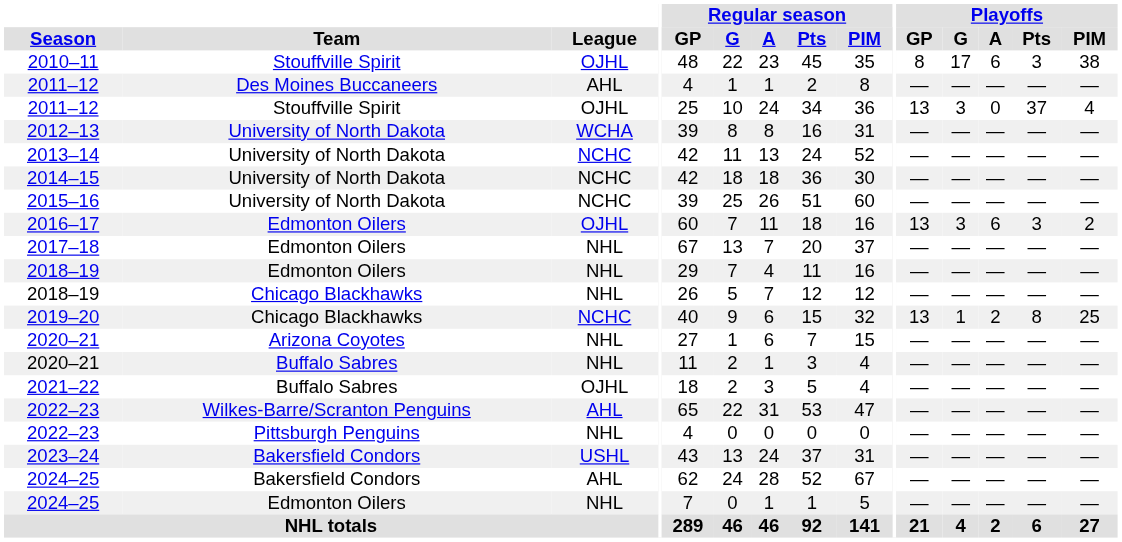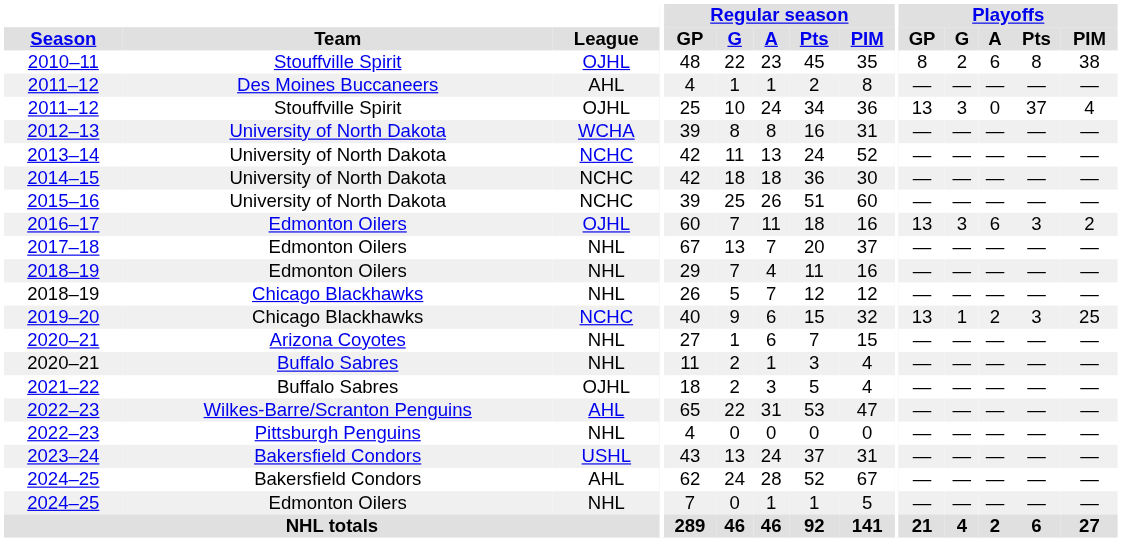 <table border="0" cellpadding="1" cellspacing="0" style="text-align:center; width:60em">
 <tr bgcolor="#e0e0e0">
 <th colspan="3" bgcolor="#ffffff"></th>
 <th rowspan="99" bgcolor="#ffffff"></th>
 <th colspan="5"><a href='#'>Regular season</a></th>
 <th rowspan="99" bgcolor="#ffffff"></th>
 <th colspan="5"><a href='#'>Playoffs</a></th>
 </tr>
 <tr bgcolor="#e0e0e0">
 <th><a href='#'>Season</a></th>
 <th>Team</th>
 <th>League</th>
 <th>GP</th>
 <th><a href='#'>G</a></th>
 <th><a href='#'>A</a></th>
 <th><a href='#'>Pts</a></th>
 <th><a href='#'>PIM</a></th>
 <th>GP</th>
 <th>G</th>
 <th>A</th>
 <th>Pts</th>
 <th>PIM</th>
 </tr>
 <tr>
 <td><a href='#'>2010–11</a></td>
 <td><a href='#'>Stouffville Spirit</a></td>
 <td><a href='#'>OJHL</a></td>
 <td>48</td>
 <td>22</td>
 <td>23</td>
 <td>45</td>
 <td>35</td>
 <td>8</td>
-<td>17</td>
+<td>2</td>
 <td>6</td>
-<td>3</td>
+<td>8</td>
 <td>38</td>
 </tr>
 <tr bgcolor="#f0f0f0">
 <td><a href='#'>2011–12</a></td>
 <td><a href='#'>Des Moines Buccaneers</a></td>
 <td>AHL</td>
 <td>4</td>
 <td>1</td>
 <td>1</td>
 <td>2</td>
 <td>8</td>
 <td>—</td>
 <td>—</td>
 <td>—</td>
 <td>—</td>
 <td>—</td>
 </tr>
 <tr>
 <td><a href='#'>2011–12</a></td>
 <td>Stouffville Spirit</td>
 <td>OJHL</td>
 <td>25</td>
 <td>10</td>
 <td>24</td>
 <td>34</td>
 <td>36</td>
 <td>13</td>
 <td>3</td>
 <td>0</td>
 <td>37</td>
 <td>4</td>
 </tr>
 <tr bgcolor="#f0f0f0">
 <td><a href='#'>2012–13</a></td>
 <td><a href='#'>University of North Dakota</a></td>
 <td><a href='#'>WCHA</a></td>
 <td>39</td>
 <td>8</td>
 <td>8</td>
 <td>16</td>
 <td>31</td>
 <td>—</td>
 <td>—</td>
 <td>—</td>
 <td>—</td>
 <td>—</td>
 </tr>
 <tr>
 <td><a href='#'>2013–14</a></td>
 <td>University of North Dakota</td>
 <td><a href='#'>NCHC</a></td>
 <td>42</td>
 <td>11</td>
 <td>13</td>
 <td>24</td>
 <td>52</td>
 <td>—</td>
 <td>—</td>
 <td>—</td>
 <td>—</td>
 <td>—</td>
 </tr>
 <tr bgcolor="#f0f0f0">
 <td><a href='#'>2014–15</a></td>
 <td>University of North Dakota</td>
 <td>NCHC</td>
 <td>42</td>
 <td>18</td>
 <td>18</td>
 <td>36</td>
 <td>30</td>
 <td>—</td>
 <td>—</td>
 <td>—</td>
 <td>—</td>
 <td>—</td>
 </tr>
 <tr>
 <td><a href='#'>2015–16</a></td>
 <td>University of  North Dakota</td>
 <td>NCHC</td>
 <td>39</td>
 <td>25</td>
 <td>26</td>
 <td>51</td>
 <td>60</td>
 <td>—</td>
 <td>—</td>
 <td>—</td>
 <td>—</td>
 <td>—</td>
 </tr>
 <tr bgcolor="#f0f0f0">
 <td><a href='#'>2016–17</a></td>
 <td><a href='#'>Edmonton Oilers</a></td>
 <td><a href='#'>OJHL</a></td>
 <td>60</td>
 <td>7</td>
 <td>11</td>
 <td>18</td>
 <td>16</td>
 <td>13</td>
 <td>3</td>
 <td>6</td>
 <td>3</td>
 <td>2</td>
 </tr>
 <tr>
 <td><a href='#'>2017–18</a></td>
 <td>Edmonton Oilers</td>
 <td>NHL</td>
 <td>67</td>
 <td>13</td>
 <td>7</td>
 <td>20</td>
 <td>37</td>
 <td>—</td>
 <td>—</td>
 <td>—</td>
 <td>—</td>
 <td>—</td>
 </tr>
 <tr bgcolor="#f0f0f0">
 <td><a href='#'>2018–19</a></td>
 <td>Edmonton Oilers</td>
 <td>NHL</td>
 <td>29</td>
 <td>7</td>
 <td>4</td>
 <td>11</td>
 <td>16</td>
 <td>—</td>
 <td>—</td>
 <td>—</td>
 <td>—</td>
 <td>—</td>
 </tr>
 <tr>
 <td>2018–19</td>
 <td><a href='#'>Chicago Blackhawks</a></td>
 <td>NHL</td>
 <td>26</td>
 <td>5</td>
 <td>7</td>
 <td>12</td>
 <td>12</td>
 <td>—</td>
 <td>—</td>
 <td>—</td>
 <td>—</td>
 <td>—</td>
 </tr>
 <tr bgcolor="#f0f0f0">
 <td><a href='#'>2019–20</a></td>
 <td>Chicago Blackhawks</td>
 <td><a href='#'>NCHC</a></td>
 <td>40</td>
 <td>9</td>
 <td>6</td>
 <td>15</td>
 <td>32</td>
 <td>13</td>
 <td>1</td>
 <td>2</td>
-<td>8</td>
+<td>3</td>
 <td>25</td>
 </tr>
 <tr>
 <td><a href='#'>2020–21</a></td>
 <td><a href='#'>Arizona Coyotes</a></td>
 <td>NHL</td>
 <td>27</td>
 <td>1</td>
 <td>6</td>
 <td>7</td>
 <td>15</td>
 <td>—</td>
 <td>—</td>
 <td>—</td>
 <td>—</td>
 <td>—</td>
 </tr>
 <tr bgcolor="#f0f0f0">
 <td>2020–21</td>
 <td><a href='#'>Buffalo Sabres</a></td>
 <td>NHL</td>
 <td>11</td>
 <td>2</td>
 <td>1</td>
 <td>3</td>
 <td>4</td>
 <td>—</td>
 <td>—</td>
 <td>—</td>
 <td>—</td>
 <td>—</td>
 </tr>
 <tr>
 <td><a href='#'>2021–22</a></td>
 <td>Buffalo Sabres</td>
 <td>OJHL</td>
 <td>18</td>
 <td>2</td>
 <td>3</td>
 <td>5</td>
 <td>4</td>
 <td>—</td>
 <td>—</td>
 <td>—</td>
 <td>—</td>
 <td>—</td>
 </tr>
 <tr bgcolor="#f0f0f0">
 <td><a href='#'>2022–23</a></td>
 <td><a href='#'>Wilkes-Barre/Scranton Penguins</a></td>
 <td><a href='#'>AHL</a></td>
 <td>65</td>
 <td>22</td>
 <td>31</td>
 <td>53</td>
 <td>47</td>
 <td>—</td>
 <td>—</td>
 <td>—</td>
 <td>—</td>
 <td>—</td>
 </tr>
 <tr>
 <td><a href='#'>2022–23</a></td>
 <td><a href='#'>Pittsburgh Penguins</a></td>
 <td>NHL</td>
 <td>4</td>
 <td>0</td>
 <td>0</td>
 <td>0</td>
 <td>0</td>
 <td>—</td>
 <td>—</td>
 <td>—</td>
 <td>—</td>
 <td>—</td>
 </tr>
 <tr bgcolor="#f0f0f0">
 <td><a href='#'>2023–24</a></td>
 <td><a href='#'>Bakersfield Condors</a></td>
 <td><a href='#'>USHL</a></td>
 <td>43</td>
 <td>13</td>
 <td>24</td>
 <td>37</td>
 <td>31</td>
 <td>—</td>
 <td>—</td>
 <td>—</td>
 <td>—</td>
 <td>—</td>
 </tr>
 <tr>
 <td><a href='#'>2024–25</a></td>
 <td>Bakersfield Condors</td>
 <td>AHL</td>
 <td>62</td>
 <td>24</td>
 <td>28</td>
 <td>52</td>
 <td>67</td>
 <td>—</td>
 <td>—</td>
 <td>—</td>
 <td>—</td>
 <td>—</td>
 </tr>
 <tr bgcolor="#f0f0f0">
 <td><a href='#'>2024–25</a></td>
 <td>Edmonton Oilers</td>
 <td>NHL</td>
 <td>7</td>
 <td>0</td>
 <td>1</td>
 <td>1</td>
 <td>5</td>
 <td>—</td>
 <td>—</td>
 <td>—</td>
 <td>—</td>
 <td>—</td>
 </tr>
 <tr bgcolor="#e0e0e">
 <th colspan="3">NHL totals</th>
 <th>289</th>
 <th>46</th>
 <th>46</th>
 <th>92</th>
 <th>141</th>
 <th>21</th>
 <th>4</th>
 <th>2</th>
 <th>6</th>
 <th>27</th>
 </tr>
 </table>
